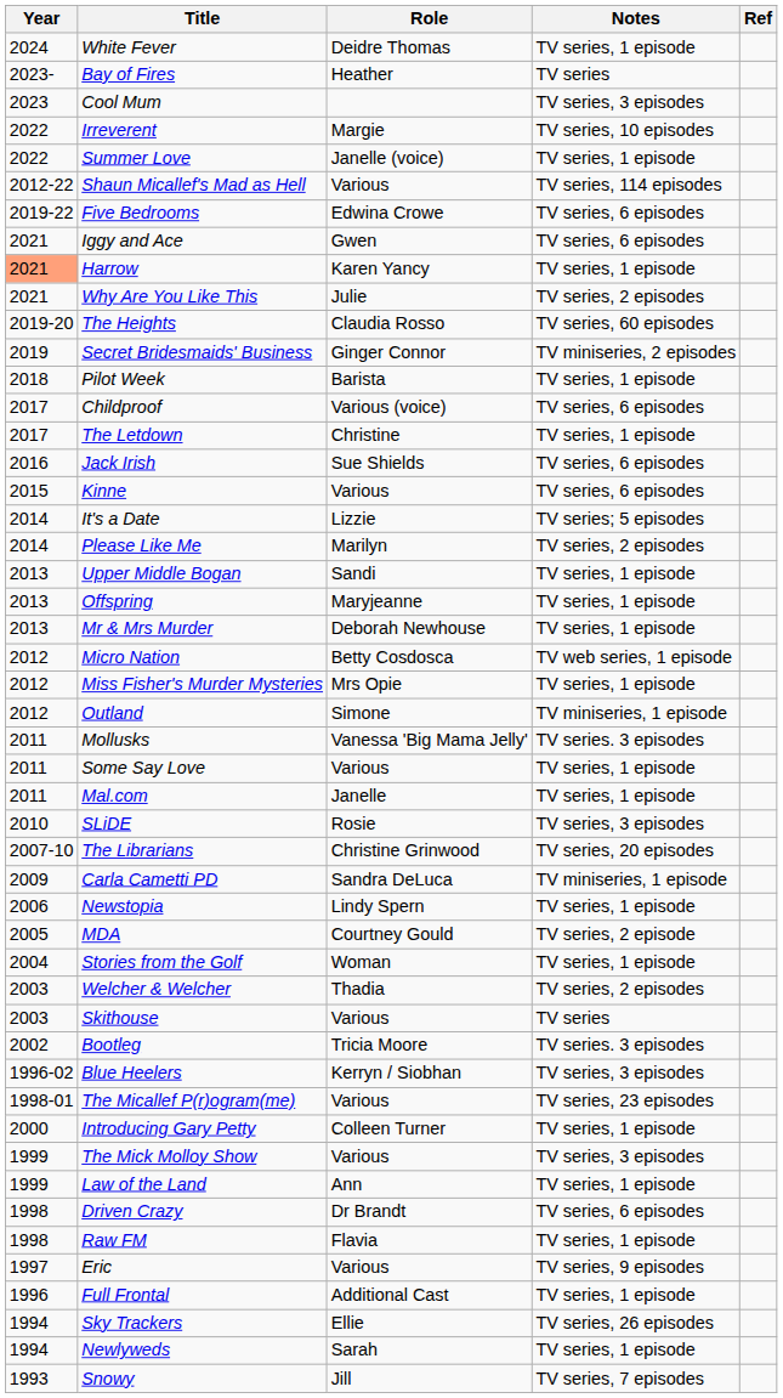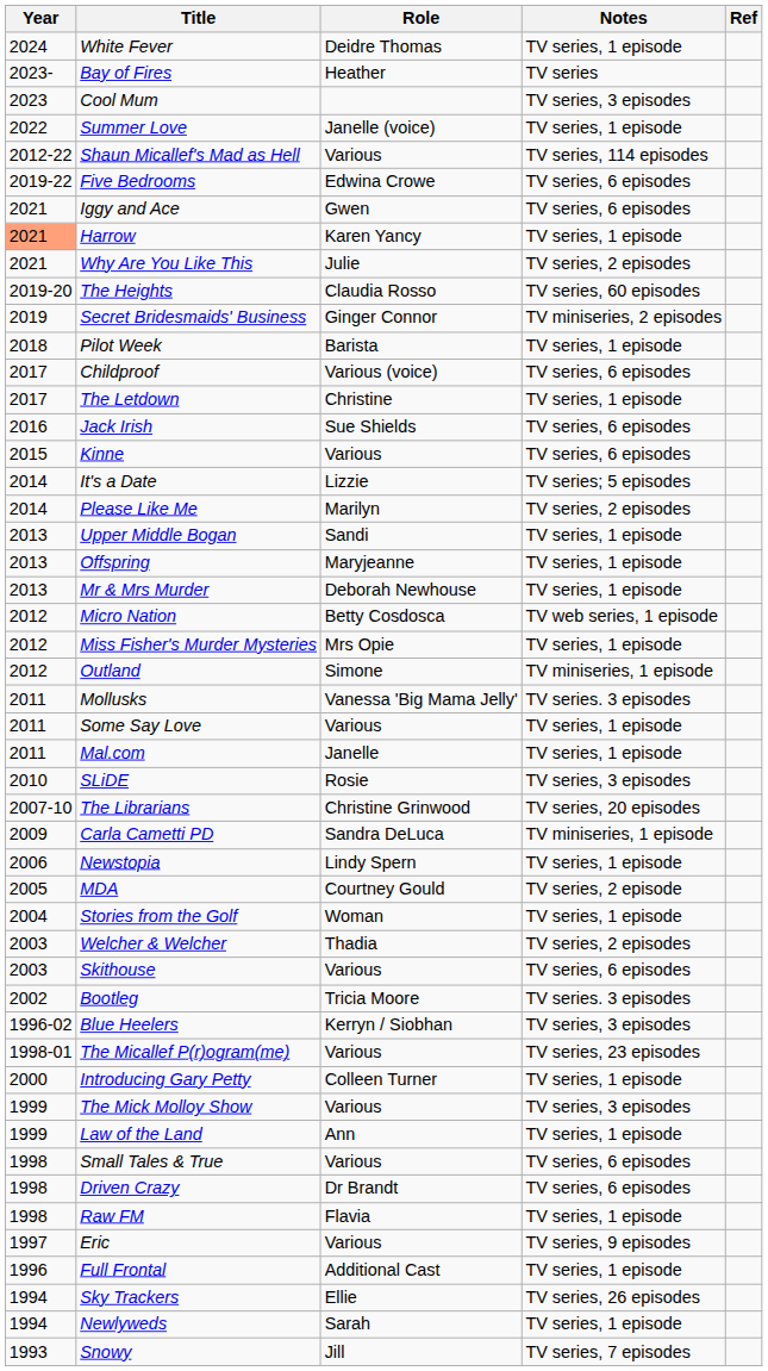 <table class="wikitable sortable">
 <tr>
 <th>Year</th>
 <th>Title</th>
 <th>Role</th>
 <th>Notes</th>
 <th>Ref</th>
 </tr>
 <tr>
 <td>2024</td>
 <td><em>White Fever</em></td>
 <td>Deidre Thomas</td>
 <td>TV series, 1 episode</td>
 <td></td>
 </tr>
 <tr>
 <td>2023-</td>
 <td><em><a href='#'>Bay of Fires</a></em></td>
 <td>Heather</td>
 <td>TV series</td>
 <td></td>
 </tr>
 <tr>
 <td>2023</td>
 <td><em>Cool Mum</em></td>
 <td></td>
 <td>TV series, 3 episodes</td>
-<td></td>
-</tr>
-<tr>
-<td>2022</td>
-<td><em><a href='#'>Irreverent</a></em></td>
-<td>Margie</td>
-<td>TV series, 10 episodes</td>
 <td></td>
 </tr>
 <tr>
 <td>2022</td>
 <td><em><a href='#'>Summer Love</a></em></td>
 <td>Janelle (voice)</td>
 <td>TV series, 1 episode</td>
 <td></td>
 </tr>
 <tr>
 <td>2012-22</td>
 <td><em><a href='#'>Shaun Micallef's Mad as Hell</a></em></td>
 <td>Various</td>
 <td>TV series, 114 episodes</td>
 <td></td>
 </tr>
 <tr>
 <td>2019-22</td>
 <td><em><a href='#'>Five Bedrooms</a></em></td>
 <td>Edwina Crowe</td>
 <td>TV series, 6 episodes</td>
 <td></td>
 </tr>
 <tr>
 <td>2021</td>
 <td><em>Iggy and Ace</em></td>
 <td>Gwen</td>
 <td>TV series, 6 episodes</td>
 <td></td>
 </tr>
 <tr>
 <td style="background: lightsalmon;">2021</td>
 <td><em><a href='#'>Harrow</a></em></td>
 <td>Karen Yancy</td>
 <td>TV series, 1 episode</td>
 <td></td>
 </tr>
 <tr>
 <td>2021</td>
 <td><em><a href='#'>Why Are You Like This</a></em></td>
 <td>Julie</td>
 <td>TV series, 2 episodes</td>
 <td></td>
 </tr>
 <tr>
 <td>2019-20</td>
 <td><em><a href='#'>The Heights</a></em></td>
 <td>Claudia Rosso</td>
 <td>TV series, 60 episodes</td>
 <td></td>
 </tr>
 <tr>
 <td>2019</td>
 <td><em><a href='#'>Secret Bridesmaids' Business</a></em></td>
 <td>Ginger Connor</td>
 <td>TV miniseries, 2 episodes</td>
 <td></td>
 </tr>
 <tr>
 <td>2018</td>
 <td><em>Pilot Week</em></td>
 <td>Barista</td>
 <td>TV series, 1 episode</td>
 <td></td>
 </tr>
 <tr>
 <td>2017</td>
 <td><em>Childproof</em></td>
 <td>Various (voice)</td>
 <td>TV series, 6 episodes</td>
 <td></td>
 </tr>
 <tr>
 <td>2017</td>
 <td><em><a href='#'>The Letdown</a></em></td>
 <td>Christine</td>
 <td>TV series, 1 episode</td>
 <td></td>
 </tr>
 <tr>
 <td>2016</td>
 <td><em><a href='#'>Jack Irish</a></em></td>
 <td>Sue Shields</td>
 <td>TV series, 6 episodes</td>
 <td></td>
 </tr>
 <tr>
 <td>2015</td>
 <td><em><a href='#'>Kinne</a></em></td>
 <td>Various</td>
 <td>TV series, 6 episodes</td>
 <td></td>
 </tr>
 <tr>
 <td>2014</td>
 <td><em>It's a Date</em></td>
 <td>Lizzie</td>
 <td>TV series; 5 episodes</td>
 <td></td>
 </tr>
 <tr>
 <td>2014</td>
 <td><em><a href='#'>Please Like Me</a></em></td>
 <td>Marilyn</td>
 <td>TV series, 2 episodes</td>
 <td></td>
 </tr>
 <tr>
 <td>2013</td>
 <td><em><a href='#'>Upper Middle Bogan</a></em></td>
 <td>Sandi</td>
 <td>TV series, 1 episode</td>
 <td></td>
 </tr>
 <tr>
 <td>2013</td>
 <td><em><a href='#'>Offspring</a></em></td>
 <td>Maryjeanne</td>
 <td>TV series, 1 episode</td>
 <td></td>
 </tr>
 <tr>
 <td>2013</td>
 <td><em><a href='#'>Mr & Mrs Murder</a></em></td>
 <td>Deborah Newhouse</td>
 <td>TV series, 1 episode</td>
 <td></td>
 </tr>
 <tr>
 <td>2012</td>
 <td><em><a href='#'>Micro Nation</a></em></td>
 <td>Betty Cosdosca</td>
 <td>TV web series, 1 episode</td>
 <td></td>
 </tr>
 <tr>
 <td>2012</td>
 <td><em><a href='#'>Miss Fisher's Murder Mysteries</a></em></td>
 <td>Mrs Opie</td>
 <td>TV series, 1 episode</td>
 <td></td>
 </tr>
 <tr>
 <td>2012</td>
 <td><em><a href='#'>Outland</a></em></td>
 <td>Simone</td>
 <td>TV miniseries, 1 episode</td>
 <td></td>
 </tr>
 <tr>
 <td>2011</td>
 <td><em>Mollusks</em></td>
 <td>Vanessa 'Big Mama Jelly'</td>
 <td>TV series. 3 episodes</td>
 <td></td>
 </tr>
 <tr>
 <td>2011</td>
 <td><em>Some Say Love</em></td>
 <td>Various</td>
 <td>TV series, 1 episode</td>
 <td></td>
 </tr>
 <tr>
 <td>2011</td>
 <td><em><a href='#'>Mal.com</a></em></td>
 <td>Janelle</td>
 <td>TV series, 1 episode</td>
 <td></td>
 </tr>
 <tr>
 <td>2010</td>
 <td><em><a href='#'>SLiDE</a></em></td>
 <td>Rosie</td>
 <td>TV series, 3 episodes</td>
 <td></td>
 </tr>
 <tr>
 <td>2007-10</td>
 <td><em><a href='#'>The Librarians</a></em></td>
 <td>Christine Grinwood</td>
 <td>TV series, 20 episodes</td>
 <td></td>
 </tr>
 <tr>
 <td>2009</td>
 <td><em><a href='#'>Carla Cametti PD</a></em></td>
 <td>Sandra DeLuca</td>
 <td>TV miniseries, 1 episode</td>
 <td></td>
 </tr>
 <tr>
 <td>2006</td>
 <td><em><a href='#'>Newstopia</a></em></td>
 <td>Lindy Spern</td>
 <td>TV series, 1 episode</td>
 <td></td>
 </tr>
 <tr>
 <td>2005</td>
 <td><em><a href='#'>MDA</a></em></td>
 <td>Courtney Gould</td>
 <td>TV series, 2 episode</td>
 <td></td>
 </tr>
 <tr>
 <td>2004</td>
 <td><em><a href='#'>Stories from the Golf</a></em></td>
 <td>Woman</td>
 <td>TV series, 1 episode</td>
 <td></td>
 </tr>
 <tr>
 <td>2003</td>
 <td><em><a href='#'>Welcher & Welcher</a></em></td>
 <td>Thadia</td>
 <td>TV series, 2 episodes</td>
 <td></td>
 </tr>
 <tr>
 <td>2003</td>
 <td><em><a href='#'>Skithouse</a></em></td>
 <td>Various</td>
-<td>TV series</td>
+<td>TV series, 6 episodes</td>
 <td></td>
 </tr>
 <tr>
 <td>2002</td>
 <td><em><a href='#'>Bootleg</a></em></td>
 <td>Tricia Moore</td>
 <td>TV series. 3 episodes</td>
 <td></td>
 </tr>
 <tr>
 <td>1996-02</td>
 <td><em><a href='#'>Blue Heelers</a></em></td>
 <td>Kerryn / Siobhan</td>
 <td>TV series, 3 episodes</td>
 <td></td>
 </tr>
 <tr>
 <td>1998-01</td>
 <td><em><a href='#'>The Micallef P(r)ogram(me)</a></em></td>
 <td>Various</td>
 <td>TV series, 23 episodes</td>
 <td></td>
 </tr>
 <tr>
 <td>2000</td>
 <td><em><a href='#'>Introducing Gary Petty</a></em></td>
 <td>Colleen Turner</td>
 <td>TV series, 1 episode</td>
 <td></td>
 </tr>
 <tr>
 <td>1999</td>
 <td><em><a href='#'>The Mick Molloy Show</a></em></td>
 <td>Various</td>
 <td>TV series, 3 episodes</td>
 <td></td>
 </tr>
 <tr>
 <td>1999</td>
 <td><em><a href='#'>Law of the Land</a></em></td>
 <td>Ann</td>
 <td>TV series, 1 episode</td>
+<td></td>
+</tr>
+<tr>
+<td>1998</td>
+<td><em>Small Tales & True</em></td>
+<td>Various</td>
+<td>TV series, 6 episodes</td>
 <td></td>
 </tr>
 <tr>
 <td>1998</td>
 <td><em><a href='#'>Driven Crazy</a></em></td>
 <td>Dr Brandt</td>
 <td>TV series, 6 episodes</td>
 <td></td>
 </tr>
 <tr>
 <td>1998</td>
 <td><em><a href='#'>Raw FM</a></em></td>
 <td>Flavia</td>
 <td>TV series, 1 episode</td>
 <td></td>
 </tr>
 <tr>
 <td>1997</td>
 <td><em>Eric</em></td>
 <td>Various</td>
 <td>TV series, 9 episodes</td>
 <td></td>
 </tr>
 <tr>
 <td>1996</td>
 <td><em><a href='#'>Full Frontal</a></em></td>
 <td>Additional Cast</td>
 <td>TV series, 1 episode</td>
 <td></td>
 </tr>
 <tr>
 <td>1994</td>
 <td><em><a href='#'>Sky Trackers</a></em></td>
 <td>Ellie</td>
 <td>TV series, 26 episodes</td>
 <td></td>
 </tr>
 <tr>
 <td>1994</td>
 <td><em><a href='#'>Newlyweds</a></em></td>
 <td>Sarah</td>
 <td>TV series, 1 episode</td>
 <td></td>
 </tr>
 <tr>
 <td>1993</td>
 <td><em><a href='#'>Snowy</a></em></td>
 <td>Jill</td>
 <td>TV series, 7 episodes</td>
 <td></td>
 </tr>
 </table>
